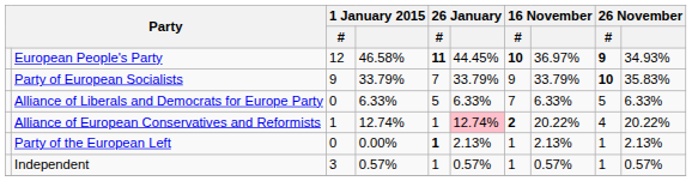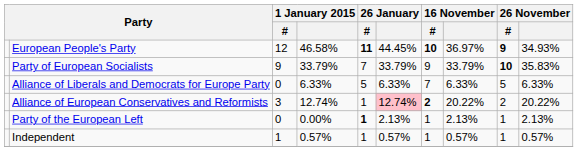 <table class="wikitable">
 <tr>
 <th rowspan=2 colspan=2>Party</th>
 <th colspan=2>1 January 2015</th>
 <th colspan=2>26 January</th>
 <th colspan=2>16 November</th>
 <th colspan=2>26 November</th>
 </tr>
 <tr>
 <th>#</th>
 <th></th>
 <th>#</th>
 <th></th>
 <th>#</th>
 <th></th>
 <th>#</th>
 <th></th>
 </tr>
 <tr>
 <td style="background-color:"></td>
 <td><a href='#'>European People's Party</a></td>
 <td>12</td>
 <td>46.58%</td>
 <td><strong>11</strong></td>
 <td>44.45%</td>
 <td><strong>10</strong></td>
 <td>36.97%</td>
 <td><strong>9</strong></td>
 <td>34.93%</td>
 </tr>
 <tr>
 <td style="background-color:"></td>
 <td><a href='#'>Party of European Socialists</a></td>
 <td>9</td>
 <td>33.79%</td>
 <td>7</td>
 <td>33.79%</td>
 <td>9</td>
 <td>33.79%</td>
 <td><strong>10</strong></td>
 <td>35.83%</td>
 </tr>
 <tr>
 <td style="background-color:"></td>
 <td><a href='#'>Alliance of Liberals and Democrats for Europe Party</a></td>
 <td>0</td>
 <td>6.33%</td>
 <td>5</td>
 <td>6.33%</td>
 <td>7</td>
 <td>6.33%</td>
 <td>5</td>
 <td>6.33%</td>
 </tr>
 <tr>
 <td style="background-color:"></td>
 <td><a href='#'>Alliance of European Conservatives and Reformists</a></td>
-<td>1</td>
+<td>3</td>
 <td>12.74%</td>
 <td>1</td>
 <td style="background: pink;">12.74%</td>
 <td><strong>2</strong></td>
 <td>20.22%</td>
-<td>4</td>
+<td>2</td>
 <td>20.22%</td>
 </tr>
 <tr>
 <td style="background-color:"></td>
 <td><a href='#'>Party of the European Left</a></td>
 <td>0</td>
 <td>0.00%</td>
 <td><strong>1</strong></td>
 <td>2.13%</td>
 <td>1</td>
 <td>2.13%</td>
 <td>1</td>
 <td>2.13%</td>
 </tr>
 <tr>
 <td style="background-color:"></td>
 <td>Independent</td>
-<td>3</td>
+<td>1</td>
 <td>0.57%</td>
 <td>1</td>
 <td>0.57%</td>
 <td>1</td>
 <td>0.57%</td>
 <td>1</td>
 <td>0.57%</td>
 </tr>
 <tr>
 </tr>
 </table>
